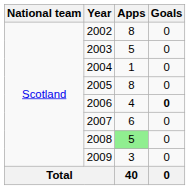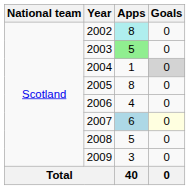 <table class="wikitable" style="text-align:center">
 <tr>
 <th>National team</th>
 <th>Year</th>
 <th>Apps</th>
 <th>Goals</th>
 </tr>
 <tr>
 <td rowspan="8"><a href='#'>Scotland</a></td>
 <td>2002</td>
-<td>8</td>
+<td style="background: paleturquoise;">8</td>
 <td>0</td>
 </tr>
 <tr>
 <td>2003</td>
-<td>5</td>
+<td style="background: lightgreen;">5</td>
 <td>0</td>
 </tr>
 <tr>
 <td>2004</td>
 <td>1</td>
-<td>0</td>
+<td style="background: lightgrey;">0</td>
 </tr>
 <tr>
 <td>2005</td>
 <td>8</td>
 <td>0</td>
 </tr>
 <tr>
 <td>2006</td>
 <td>4</td>
-<td><strong>0</strong></td>
+<td>0</td>
 </tr>
 <tr>
 <td>2007</td>
-<td>6</td>
-<td>0</td>
+<td style="background: lightblue;">6</td>
+<td style="background: lightyellow;">0</td>
 </tr>
 <tr>
 <td>2008</td>
-<td style="background: lightgreen;">5</td>
+<td>5</td>
 <td>0</td>
 </tr>
 <tr>
 <td>2009</td>
 <td>3</td>
 <td>0</td>
 </tr>
 <tr>
 <th colspan="2">Total</th>
 <th>40</th>
 <th>0</th>
 </tr>
 </table>
